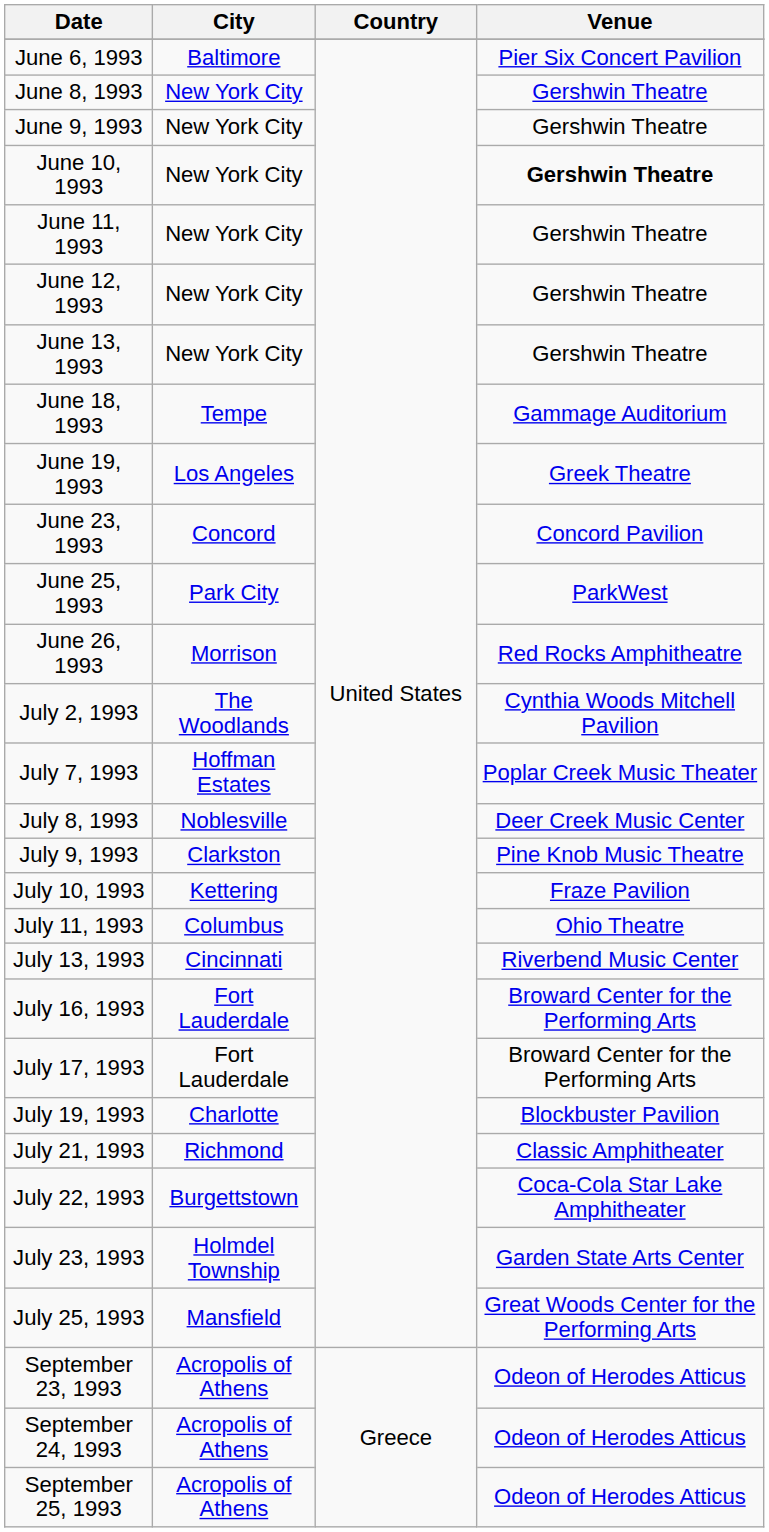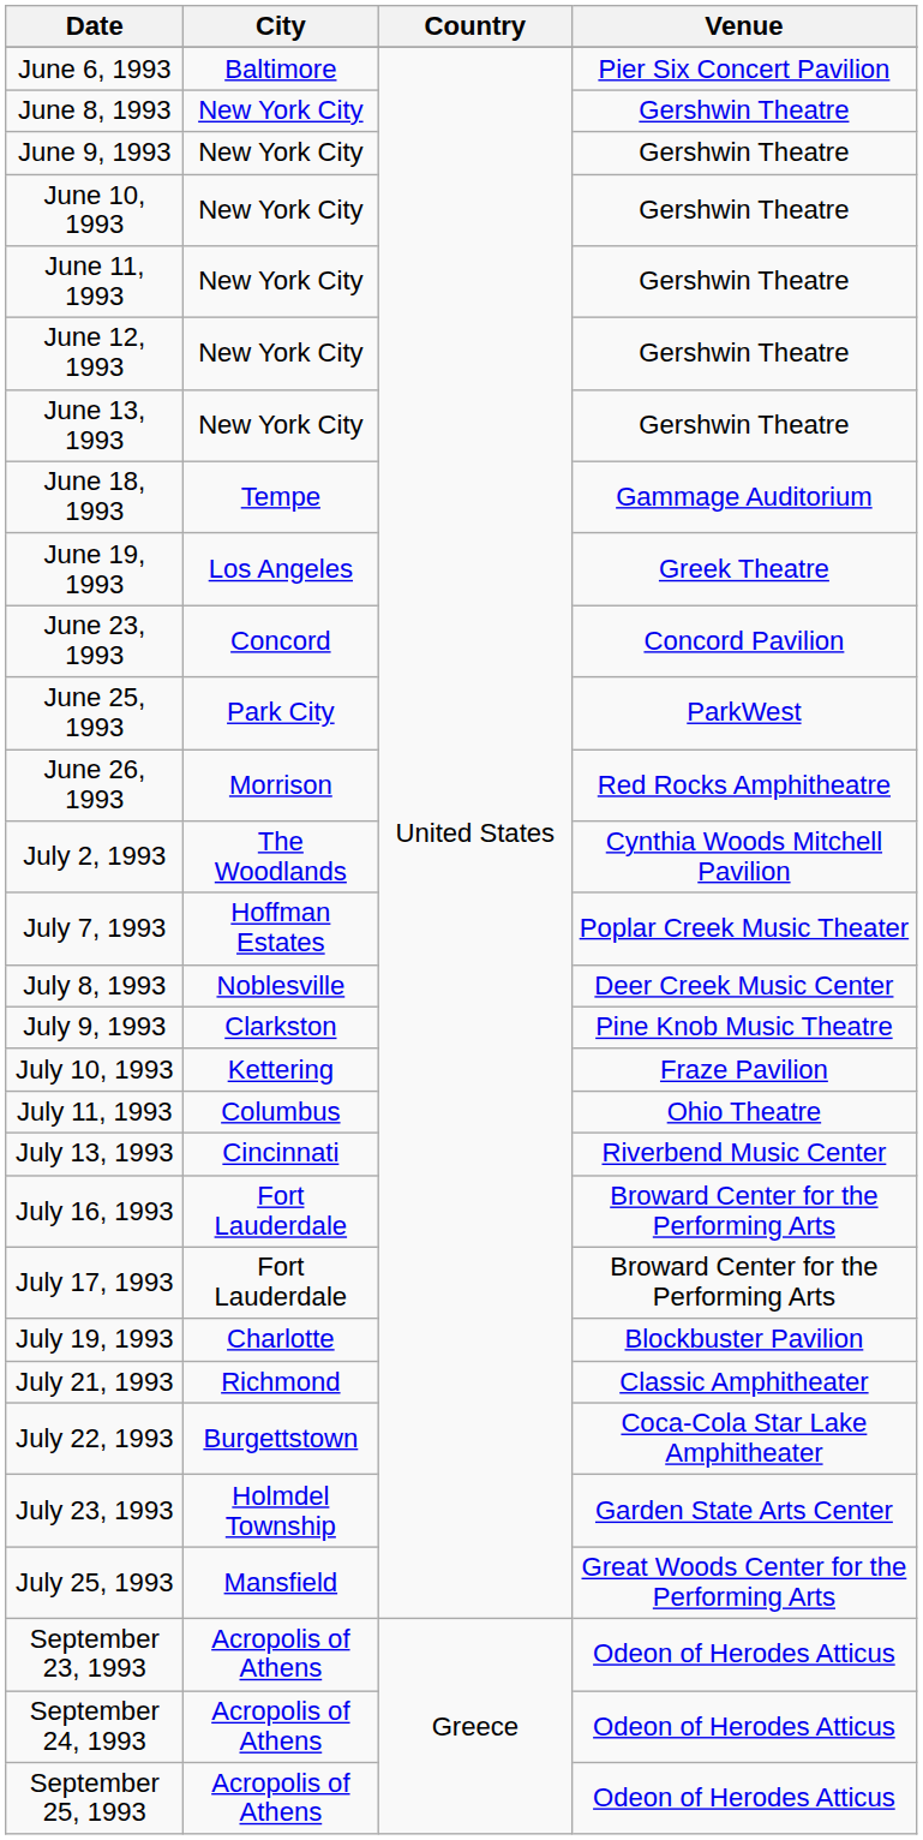 <table class="wikitable" style="text-align:center;">
 <tr>
 <th width="100">Date</th>
 <th width="110">City</th>
 <th width="110">Country</th>
 <th width="200">Venue</th>
 </tr>
 <tr bgcolor="#DDDDDD">
 </tr>
 <tr>
 <td>June 6, 1993</td>
 <td><a href='#'>Baltimore</a></td>
 <td rowspan="26">United States</td>
 <td><a href='#'>Pier Six Concert Pavilion</a></td>
 </tr>
 <tr>
 <td>June 8, 1993</td>
 <td><a href='#'>New York City</a></td>
 <td><a href='#'>Gershwin Theatre</a></td>
 </tr>
 <tr>
 <td>June 9, 1993</td>
 <td>New York City</td>
 <td>Gershwin Theatre</td>
 </tr>
 <tr>
 <td>June 10, 1993</td>
 <td>New York City</td>
-<td><strong>Gershwin Theatre</strong></td>
+<td>Gershwin Theatre</td>
 </tr>
 <tr>
 <td>June 11, 1993</td>
 <td>New York City</td>
 <td>Gershwin Theatre</td>
 </tr>
 <tr>
 <td>June 12, 1993</td>
 <td>New York City</td>
 <td>Gershwin Theatre</td>
 </tr>
 <tr>
 <td>June 13, 1993</td>
 <td>New York City</td>
 <td>Gershwin Theatre</td>
 </tr>
 <tr>
 <td>June 18, 1993</td>
 <td><a href='#'>Tempe</a></td>
 <td><a href='#'>Gammage Auditorium</a></td>
 </tr>
 <tr>
 <td>June 19, 1993</td>
 <td><a href='#'>Los Angeles</a></td>
 <td><a href='#'>Greek Theatre</a></td>
 </tr>
 <tr>
 <td>June 23, 1993</td>
 <td><a href='#'>Concord</a></td>
 <td><a href='#'>Concord Pavilion</a></td>
 </tr>
 <tr>
 <td>June 25, 1993</td>
 <td><a href='#'>Park City</a></td>
 <td><a href='#'>ParkWest</a></td>
 </tr>
 <tr>
 <td>June 26, 1993</td>
 <td><a href='#'>Morrison</a></td>
 <td><a href='#'>Red Rocks Amphitheatre</a></td>
 </tr>
 <tr>
 <td>July 2, 1993</td>
 <td><a href='#'>The Woodlands</a></td>
 <td><a href='#'>Cynthia Woods Mitchell Pavilion</a></td>
 </tr>
 <tr>
 <td>July 7, 1993</td>
 <td><a href='#'>Hoffman Estates</a></td>
 <td><a href='#'>Poplar Creek Music Theater</a></td>
 </tr>
 <tr>
 <td>July 8, 1993</td>
 <td><a href='#'>Noblesville</a></td>
 <td><a href='#'>Deer Creek Music Center</a></td>
 </tr>
 <tr>
 <td>July 9, 1993</td>
 <td><a href='#'>Clarkston</a></td>
 <td><a href='#'>Pine Knob Music Theatre</a></td>
 </tr>
 <tr>
 <td>July 10, 1993</td>
 <td><a href='#'>Kettering</a></td>
 <td><a href='#'>Fraze Pavilion</a></td>
 </tr>
 <tr>
 <td>July 11, 1993</td>
 <td><a href='#'>Columbus</a></td>
 <td><a href='#'>Ohio Theatre</a></td>
 </tr>
 <tr>
 <td>July 13, 1993</td>
 <td><a href='#'>Cincinnati</a></td>
 <td><a href='#'>Riverbend Music Center</a></td>
 </tr>
 <tr>
 <td>July 16, 1993</td>
 <td><a href='#'>Fort Lauderdale</a></td>
 <td><a href='#'>Broward Center for the Performing Arts</a></td>
 </tr>
 <tr>
 <td>July 17, 1993</td>
 <td>Fort Lauderdale</td>
 <td>Broward Center for the Performing Arts</td>
 </tr>
 <tr>
 <td>July 19, 1993</td>
 <td><a href='#'>Charlotte</a></td>
 <td><a href='#'>Blockbuster Pavilion</a></td>
 </tr>
 <tr>
 <td>July 21, 1993</td>
 <td><a href='#'>Richmond</a></td>
 <td><a href='#'>Classic Amphitheater</a></td>
 </tr>
 <tr>
 <td>July 22, 1993</td>
 <td><a href='#'>Burgettstown</a></td>
 <td><a href='#'>Coca-Cola Star Lake Amphitheater</a></td>
 </tr>
 <tr>
 <td>July 23, 1993</td>
 <td><a href='#'>Holmdel Township</a></td>
 <td><a href='#'>Garden State Arts Center</a></td>
 </tr>
 <tr>
 <td>July 25, 1993</td>
 <td><a href='#'>Mansfield</a></td>
 <td><a href='#'>Great Woods Center for the Performing Arts</a></td>
 </tr>
 <tr>
 <td>September 23, 1993</td>
 <td><a href='#'>Acropolis of Athens</a></td>
 <td rowspan="3">Greece</td>
 <td><a href='#'>Odeon of Herodes Atticus</a></td>
 </tr>
 <tr>
 <td>September 24, 1993</td>
 <td><a href='#'>Acropolis of Athens</a></td>
 <td><a href='#'>Odeon of Herodes Atticus</a></td>
 </tr>
 <tr>
 <td>September 25, 1993</td>
 <td><a href='#'>Acropolis of Athens</a></td>
 <td><a href='#'>Odeon of Herodes Atticus</a></td>
 </tr>
 </table>
